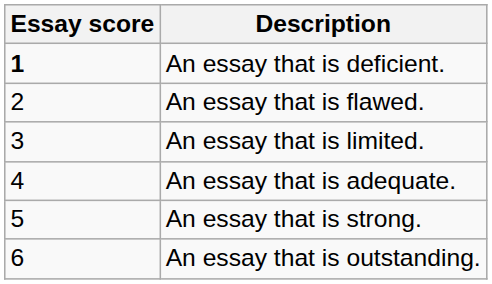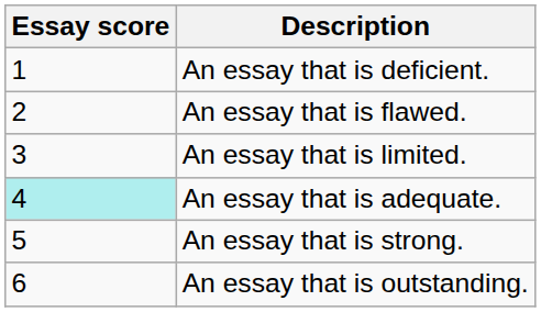 <table class="wikitable">
 <tr>
 <th>Essay score</th>
 <th>Description</th>
 </tr>
 <tr>
-<td><strong>1</strong></td>
+<td>1</td>
 <td>An essay that is deficient.</td>
 </tr>
 <tr>
 <td>2</td>
 <td>An essay that is flawed.</td>
 </tr>
 <tr>
 <td>3</td>
 <td>An essay that is limited.</td>
 </tr>
 <tr>
-<td>4</td>
+<td style="background: paleturquoise;">4</td>
 <td>An essay that is adequate.</td>
 </tr>
 <tr>
 <td>5</td>
 <td>An essay that is strong.</td>
 </tr>
 <tr>
 <td>6</td>
 <td>An essay that is outstanding.</td>
 </tr>
 </table>
